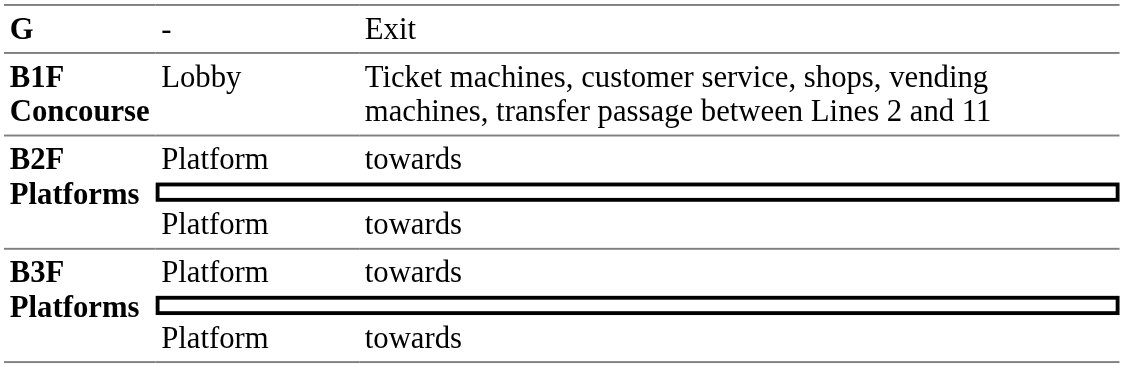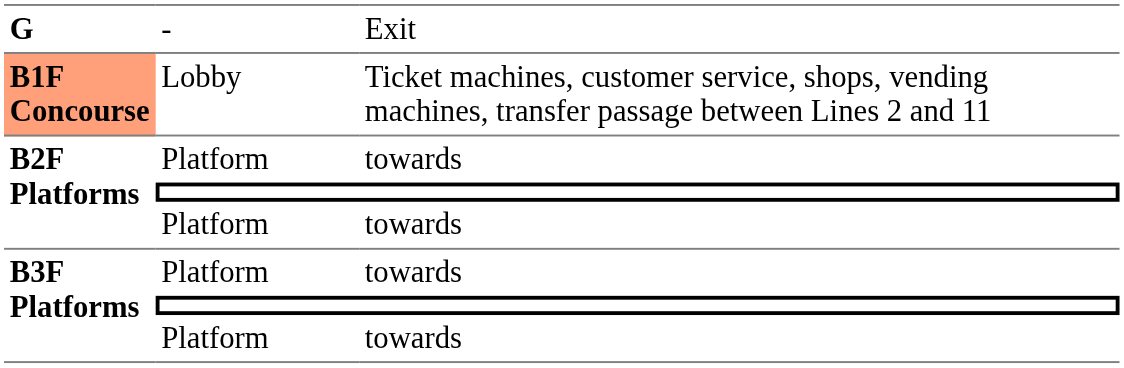 <table table border=0 cellspacing=0 cellpadding=3>
 <tr>
 <td style="border-top:solid 1px gray;" width=50 valign=top><strong>G</strong></td>
 <td style="border-top:solid 1px gray;" width=100 valign=top>-</td>
 <td style="border-top:solid 1px gray;" width=390 valign=top>Exit</td>
 </tr>
 <tr>
-<td style="border-bottom:solid 1px gray; border-top:solid 1px gray;" valign=top width=50><strong>B1F<br>Concourse</strong></td>
+<td style="background: lightsalmon; border-bottom:solid 1px gray; border-top:solid 1px gray;" valign=top width=50><strong>B1F<br>Concourse</strong></td>
 <td style="border-bottom:solid 1px gray; border-top:solid 1px gray;" valign=top width=100>Lobby</td>
 <td style="border-bottom:solid 1px gray; border-top:solid 1px gray;" valign=top width=390>Ticket machines, customer service, shops, vending machines, transfer passage between Lines 2 and 11</td>
 </tr>
 <tr>
 <td style="border-bottom:solid 1px gray;" rowspan="3" valign=top><strong>B2F<br>  Platforms</strong></td>
 <td>Platform</td>
 <td>  towards  </td>
 </tr>
 <tr>
 <td style="border-right:solid 2px black;border-left:solid 2px black;border-top:solid 2px black;border-bottom:solid 2px black;text-align:center;" colspan=2></td>
 </tr>
 <tr>
 <td style="border-bottom:solid 1px gray;">Platform</td>
 <td style="border-bottom:solid 1px gray;">  towards   </td>
 </tr>
 <tr>
 <td style="border-bottom:solid 1px gray;" rowspan="3" valign=top><strong>B3F<br> Platforms</strong></td>
 <td>Platform</td>
 <td>  towards  </td>
 </tr>
 <tr>
 <td style="border-right:solid 2px black;border-left:solid 2px black;border-top:solid 2px black;border-bottom:solid 2px black;text-align:center;" colspan=2></td>
 </tr>
 <tr>
 <td style="border-bottom:solid 1px gray;">Platform</td>
 <td style="border-bottom:solid 1px gray;">  towards   </td>
 </tr>
 </table>
